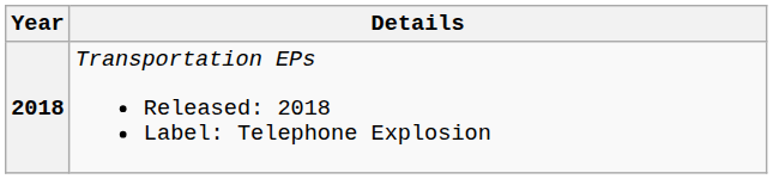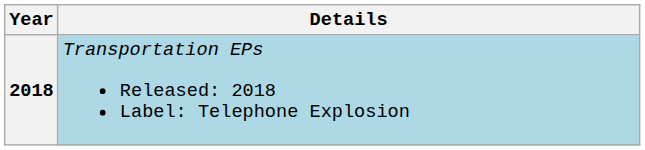 <table class="wikitable plainrowheaders" style="text-align:left;">
 <tr>
 <th scope="col">Year</th>
 <th scope="col" style="width:400px">Details</th>
 </tr>
 <tr>
 <th scope="row">2018</th>
-<td><em>Transportation EPs</em><br><ul><li>Released: 2018</li><li>Label: Telephone Explosion</li></ul></td>
+<td style="background: lightblue;"><em>Transportation EPs</em><br><ul><li>Released: 2018</li><li>Label: Telephone Explosion</li></ul></td>
 </tr>
 </table>
